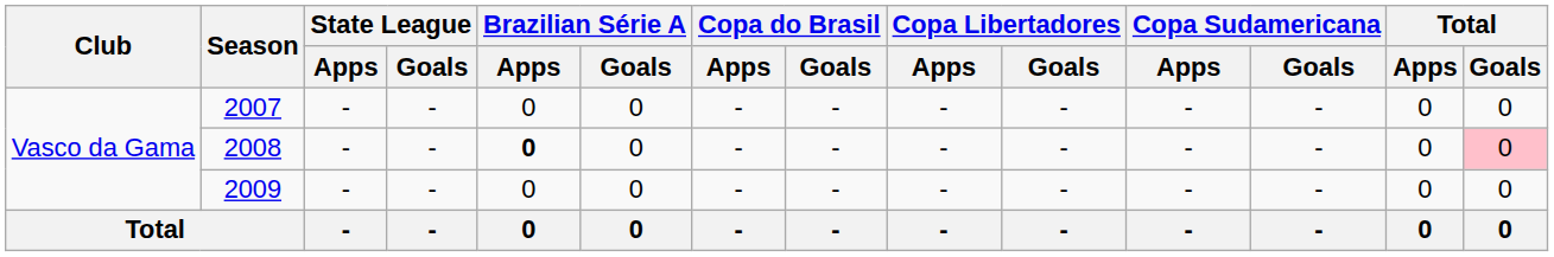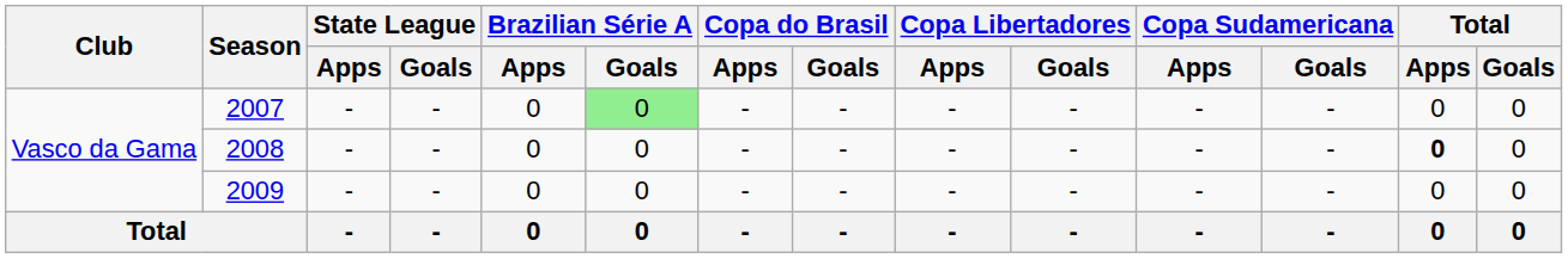 <table class="wikitable" style="text-align: center;">
 <tr>
 <th rowspan="2">Club</th>
 <th rowspan="2">Season</th>
 <th colspan="2">State League</th>
 <th colspan="2"><a href='#'>Brazilian Série A</a></th>
 <th colspan="2"><a href='#'>Copa do Brasil</a></th>
 <th colspan="2"><a href='#'>Copa Libertadores</a></th>
 <th colspan="2"><a href='#'>Copa Sudamericana</a></th>
 <th colspan="2">Total</th>
 </tr>
 <tr>
 <th>Apps</th>
 <th>Goals</th>
 <th>Apps</th>
 <th>Goals</th>
 <th>Apps</th>
 <th>Goals</th>
 <th>Apps</th>
 <th>Goals</th>
 <th>Apps</th>
 <th>Goals</th>
 <th>Apps</th>
 <th>Goals</th>
 </tr>
 <tr>
 <td rowspan="3" valign="center"><a href='#'>Vasco da Gama</a></td>
 <td><a href='#'>2007</a></td>
 <td>-</td>
 <td>-</td>
 <td>0</td>
-<td>0</td>
+<td style="background: lightgreen;">0</td>
 <td>-</td>
 <td>-</td>
 <td>-</td>
 <td>-</td>
 <td>-</td>
 <td>-</td>
 <td>0</td>
 <td>0</td>
 </tr>
 <tr>
 <td><a href='#'>2008</a></td>
 <td>-</td>
 <td>-</td>
-<td><strong>0</strong></td>
+<td>0</td>
 <td>0</td>
 <td>-</td>
 <td>-</td>
 <td>-</td>
 <td>-</td>
 <td>-</td>
 <td>-</td>
+<td><strong>0</strong></td>
 <td>0</td>
-<td style="background: pink;">0</td>
 </tr>
 <tr>
 <td><a href='#'>2009</a></td>
 <td>-</td>
 <td>-</td>
 <td>0</td>
 <td>0</td>
 <td>-</td>
 <td>-</td>
 <td>-</td>
 <td>-</td>
 <td>-</td>
 <td>-</td>
 <td>0</td>
 <td>0</td>
 </tr>
 <tr>
 <th colspan="2"><strong>Total</strong></th>
 <th>-</th>
 <th>-</th>
 <th>0</th>
 <th>0</th>
 <th>-</th>
 <th>-</th>
 <th>-</th>
 <th>-</th>
 <th>-</th>
 <th>-</th>
 <th>0</th>
 <th>0</th>
 </tr>
 </table>
